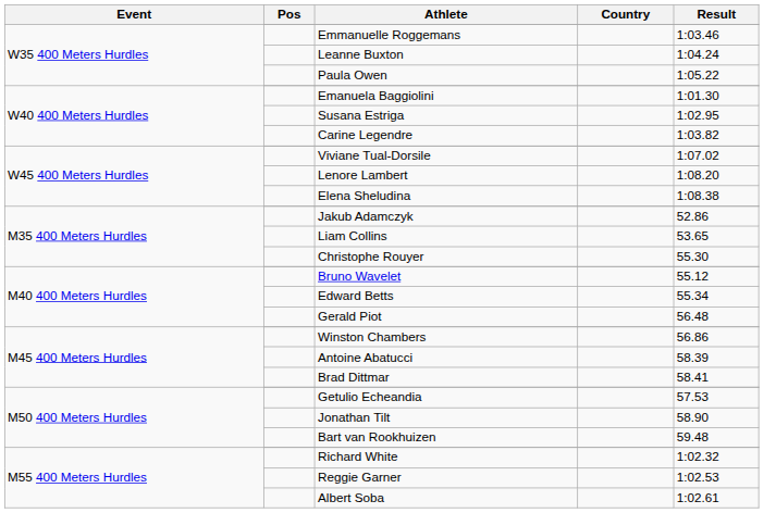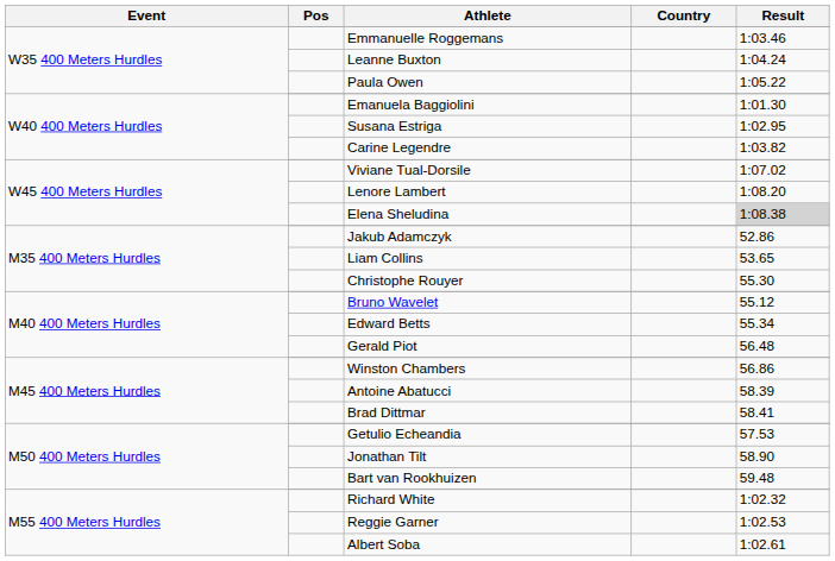 <table class="wikitable" style="width:60%;">
 <tr>
 <th>Event</th>
 <th>Pos</th>
 <th>Athlete</th>
 <th>Country</th>
 <th>Result</th>
 </tr>
 <tr>
 <td rowspan='4'>W35 <a href='#'>400 Meters Hurdles</a></td>
 </tr>
 <tr>
 <td align=center></td>
 <td align=left>Emmanuelle Roggemans</td>
 <td align=left></td>
 <td>1:03.46</td>
 </tr>
 <tr>
 <td align=center></td>
 <td align=left>Leanne Buxton</td>
 <td align=left></td>
 <td>1:04.24</td>
 </tr>
 <tr>
 <td align=center></td>
 <td align=left>Paula Owen</td>
 <td align=left></td>
 <td>1:05.22</td>
 </tr>
 <tr>
 <td rowspan='4'>W40 <a href='#'>400 Meters Hurdles</a></td>
 </tr>
 <tr>
 <td align=center></td>
 <td align=left>Emanuela Baggiolini</td>
 <td align=left></td>
 <td>1:01.30</td>
 </tr>
 <tr>
 <td align=center></td>
 <td align=left>Susana Estriga</td>
 <td align=left></td>
 <td>1:02.95</td>
 </tr>
 <tr>
 <td align=center></td>
 <td align=left>Carine Legendre</td>
 <td align=left></td>
 <td>1:03.82</td>
 </tr>
 <tr>
 <td rowspan='4'>W45 <a href='#'>400 Meters Hurdles</a><br></td>
 </tr>
 <tr>
 <td align=center></td>
 <td align=left>Viviane Tual-Dorsile</td>
 <td align=left></td>
 <td>1:07.02</td>
 </tr>
 <tr>
 <td align=center></td>
 <td align=left>Lenore Lambert</td>
 <td align=left></td>
 <td>1:08.20</td>
 </tr>
 <tr>
 <td align=center></td>
 <td align=left>Elena Sheludina</td>
 <td align=left></td>
-<td>1:08.38</td>
+<td style="background: lightgrey;">1:08.38</td>
 </tr>
 <tr>
 <td rowspan='4'>M35 <a href='#'>400 Meters Hurdles</a></td>
 </tr>
 <tr>
 <td align=center></td>
 <td align=left>Jakub Adamczyk</td>
 <td align=left></td>
 <td>52.86</td>
 </tr>
 <tr>
 <td align=center></td>
 <td align=left>Liam Collins</td>
 <td align=left></td>
 <td>53.65</td>
 </tr>
 <tr>
 <td align=center></td>
 <td align=left>Christophe Rouyer</td>
 <td align=left></td>
 <td>55.30</td>
 </tr>
 <tr>
 <td rowspan='4'>M40 <a href='#'>400 Meters Hurdles</a><br></td>
 </tr>
 <tr>
 <td align=center></td>
 <td align=left><a href='#'>Bruno Wavelet</a></td>
 <td align=left></td>
 <td>55.12</td>
 </tr>
 <tr>
 <td align=center></td>
 <td align=left>Edward Betts</td>
 <td align=left></td>
 <td>55.34</td>
 </tr>
 <tr>
 <td align=center></td>
 <td align=left>Gerald Piot</td>
 <td align=left></td>
 <td>56.48</td>
 </tr>
 <tr>
 <td rowspan='4'>M45 <a href='#'>400 Meters Hurdles</a><br></td>
 </tr>
 <tr>
 <td align=center></td>
 <td align=left>Winston Chambers</td>
 <td align=left></td>
 <td>56.86</td>
 </tr>
 <tr>
 <td align=center></td>
 <td align=left>Antoine Abatucci</td>
 <td align=left></td>
 <td>58.39</td>
 </tr>
 <tr>
 <td align=center></td>
 <td align=left>Brad Dittmar</td>
 <td align=left></td>
 <td>58.41</td>
 </tr>
 <tr>
 <td rowspan='4'>M50 <a href='#'>400 Meters Hurdles</a></td>
 </tr>
 <tr>
 <td align=center></td>
 <td align=left>Getulio Echeandia</td>
 <td align=left></td>
 <td>57.53</td>
 </tr>
 <tr>
 <td align=center></td>
 <td align=left>Jonathan Tilt</td>
 <td align=left></td>
 <td>58.90</td>
 </tr>
 <tr>
 <td align=center></td>
 <td align=left>Bart van Rookhuizen</td>
 <td align=left></td>
 <td>59.48</td>
 </tr>
 <tr>
 <td rowspan='4'>M55 <a href='#'>400 Meters Hurdles</a></td>
 </tr>
 <tr>
 <td align=center></td>
 <td align=left>Richard White</td>
 <td align=left></td>
 <td>1:02.32</td>
 </tr>
 <tr>
 <td align=center></td>
 <td align=left>Reggie Garner</td>
 <td align=left></td>
 <td>1:02.53</td>
 </tr>
 <tr>
 <td align=center></td>
 <td align=left>Albert Soba</td>
 <td align=left></td>
 <td>1:02.61</td>
 </tr>
 </table>
